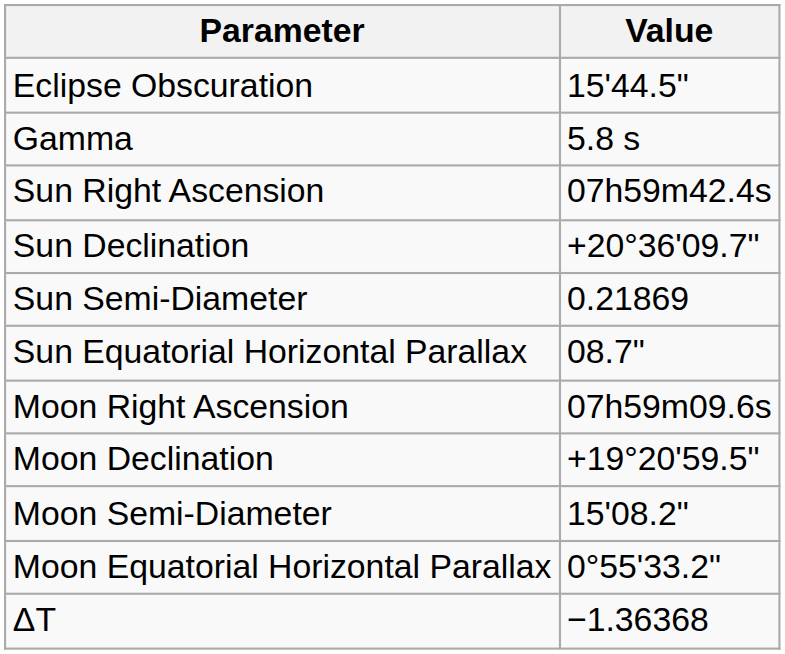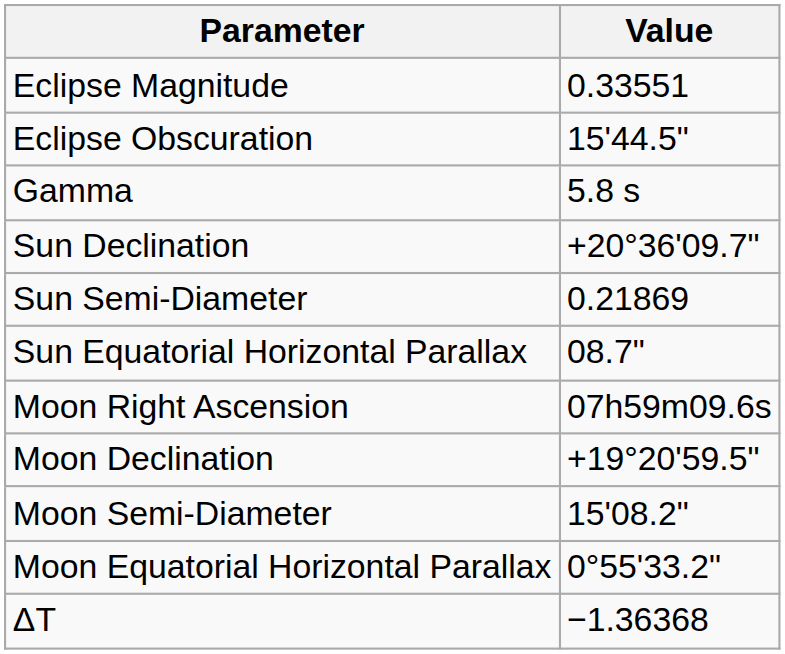 <table class="wikitable">
 <tr>
 <th>Parameter</th>
 <th>Value</th>
+</tr>
+<tr>
+<td>Eclipse Magnitude</td>
+<td>0.33551</td>
 </tr>
 <tr>
 <td>Eclipse Obscuration</td>
 <td>15'44.5"</td>
 </tr>
 <tr>
 <td>Gamma</td>
 <td>5.8 s</td>
-</tr>
-<tr>
-<td>Sun Right Ascension</td>
-<td>07h59m42.4s</td>
 </tr>
 <tr>
 <td>Sun Declination</td>
 <td>+20°36'09.7"</td>
 </tr>
 <tr>
 <td>Sun Semi-Diameter</td>
 <td>0.21869</td>
 </tr>
 <tr>
 <td>Sun Equatorial Horizontal Parallax</td>
 <td>08.7"</td>
 </tr>
 <tr>
 <td>Moon Right Ascension</td>
 <td>07h59m09.6s</td>
 </tr>
 <tr>
 <td>Moon Declination</td>
 <td>+19°20'59.5"</td>
 </tr>
 <tr>
 <td>Moon Semi-Diameter</td>
 <td>15'08.2"</td>
 </tr>
 <tr>
 <td>Moon Equatorial Horizontal Parallax</td>
 <td>0°55'33.2"</td>
 </tr>
 <tr>
 <td>ΔT</td>
 <td>−1.36368</td>
 </tr>
 </table>
